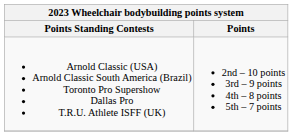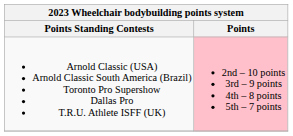 <table class="wikitable sortable" width="auto" style="text-align: center">
 <tr>
 <th rowspan=1 colspan=2>2023 Wheelchair bodybuilding points system</th>
 </tr>
 <tr>
 <th>Points Standing Contests</th>
 <th>Points</th>
 </tr>
 <tr>
 <td><br><ul><li>Arnold Classic (USA)</li><li>Arnold Classic South America (Brazil)</li><li>Toronto Pro Supershow</li><li>Dallas Pro</li><li>T.R.U. Athlete ISFF (UK)</li></ul></td>
-<td><br><ul><li>2nd – 10 points</li><li>3rd – 9 points</li><li>4th – 8 points</li><li>5th – 7 points</li></ul></td>
+<td style="background: pink;"><br><ul><li>2nd – 10 points</li><li>3rd – 9 points</li><li>4th – 8 points</li><li>5th – 7 points</li></ul></td>
 </tr>
 <tr>
 </tr>
 </table>
